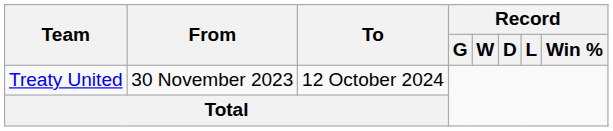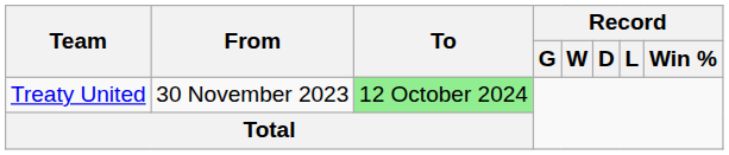 <table class="wikitable" style="text-align: center">
 <tr>
 <th rowspan="2">Team</th>
 <th rowspan="2">From</th>
 <th rowspan="2">To</th>
 <th colspan="5">Record</th>
 </tr>
 <tr>
 <th>G</th>
 <th>W</th>
 <th>D</th>
 <th>L</th>
 <th>Win %</th>
 </tr>
 <tr>
 <td align=left> <a href='#'>Treaty United</a></td>
 <td align=left>30 November 2023</td>
-<td align=left>12 October 2024<br></td>
+<td align=left style="background: lightgreen;">12 October 2024<br></td>
 </tr>
 <tr>
 <th colspan=3>Total<br></th>
 </tr>
 </table>
